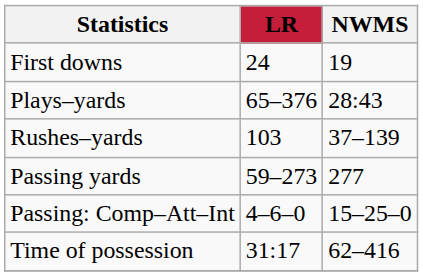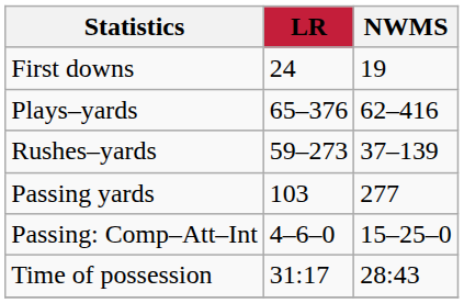 <table class="wikitable" style="float: left;">
 <tr>
 <th>Statistics</th>
 <th style="background-color:#C41E3A; color:#000000">LR</th>
 <th>NWMS</th>
 </tr>
 <tr>
 <td>First downs</td>
 <td>24</td>
 <td>19</td>
 </tr>
 <tr>
 <td>Plays–yards</td>
 <td>65–376</td>
-<td>28:43</td>
+<td>62–416</td>
 </tr>
 <tr>
 <td>Rushes–yards</td>
-<td>103</td>
+<td>59–273</td>
 <td>37–139</td>
 </tr>
 <tr>
 <td>Passing yards</td>
-<td>59–273</td>
+<td>103</td>
 <td>277</td>
 </tr>
 <tr>
 <td>Passing: Comp–Att–Int</td>
 <td>4–6–0</td>
 <td>15–25–0</td>
 </tr>
 <tr>
 <td>Time of possession</td>
 <td>31:17</td>
-<td>62–416</td>
+<td>28:43</td>
 </tr>
 <tr>
 </tr>
 </table>
